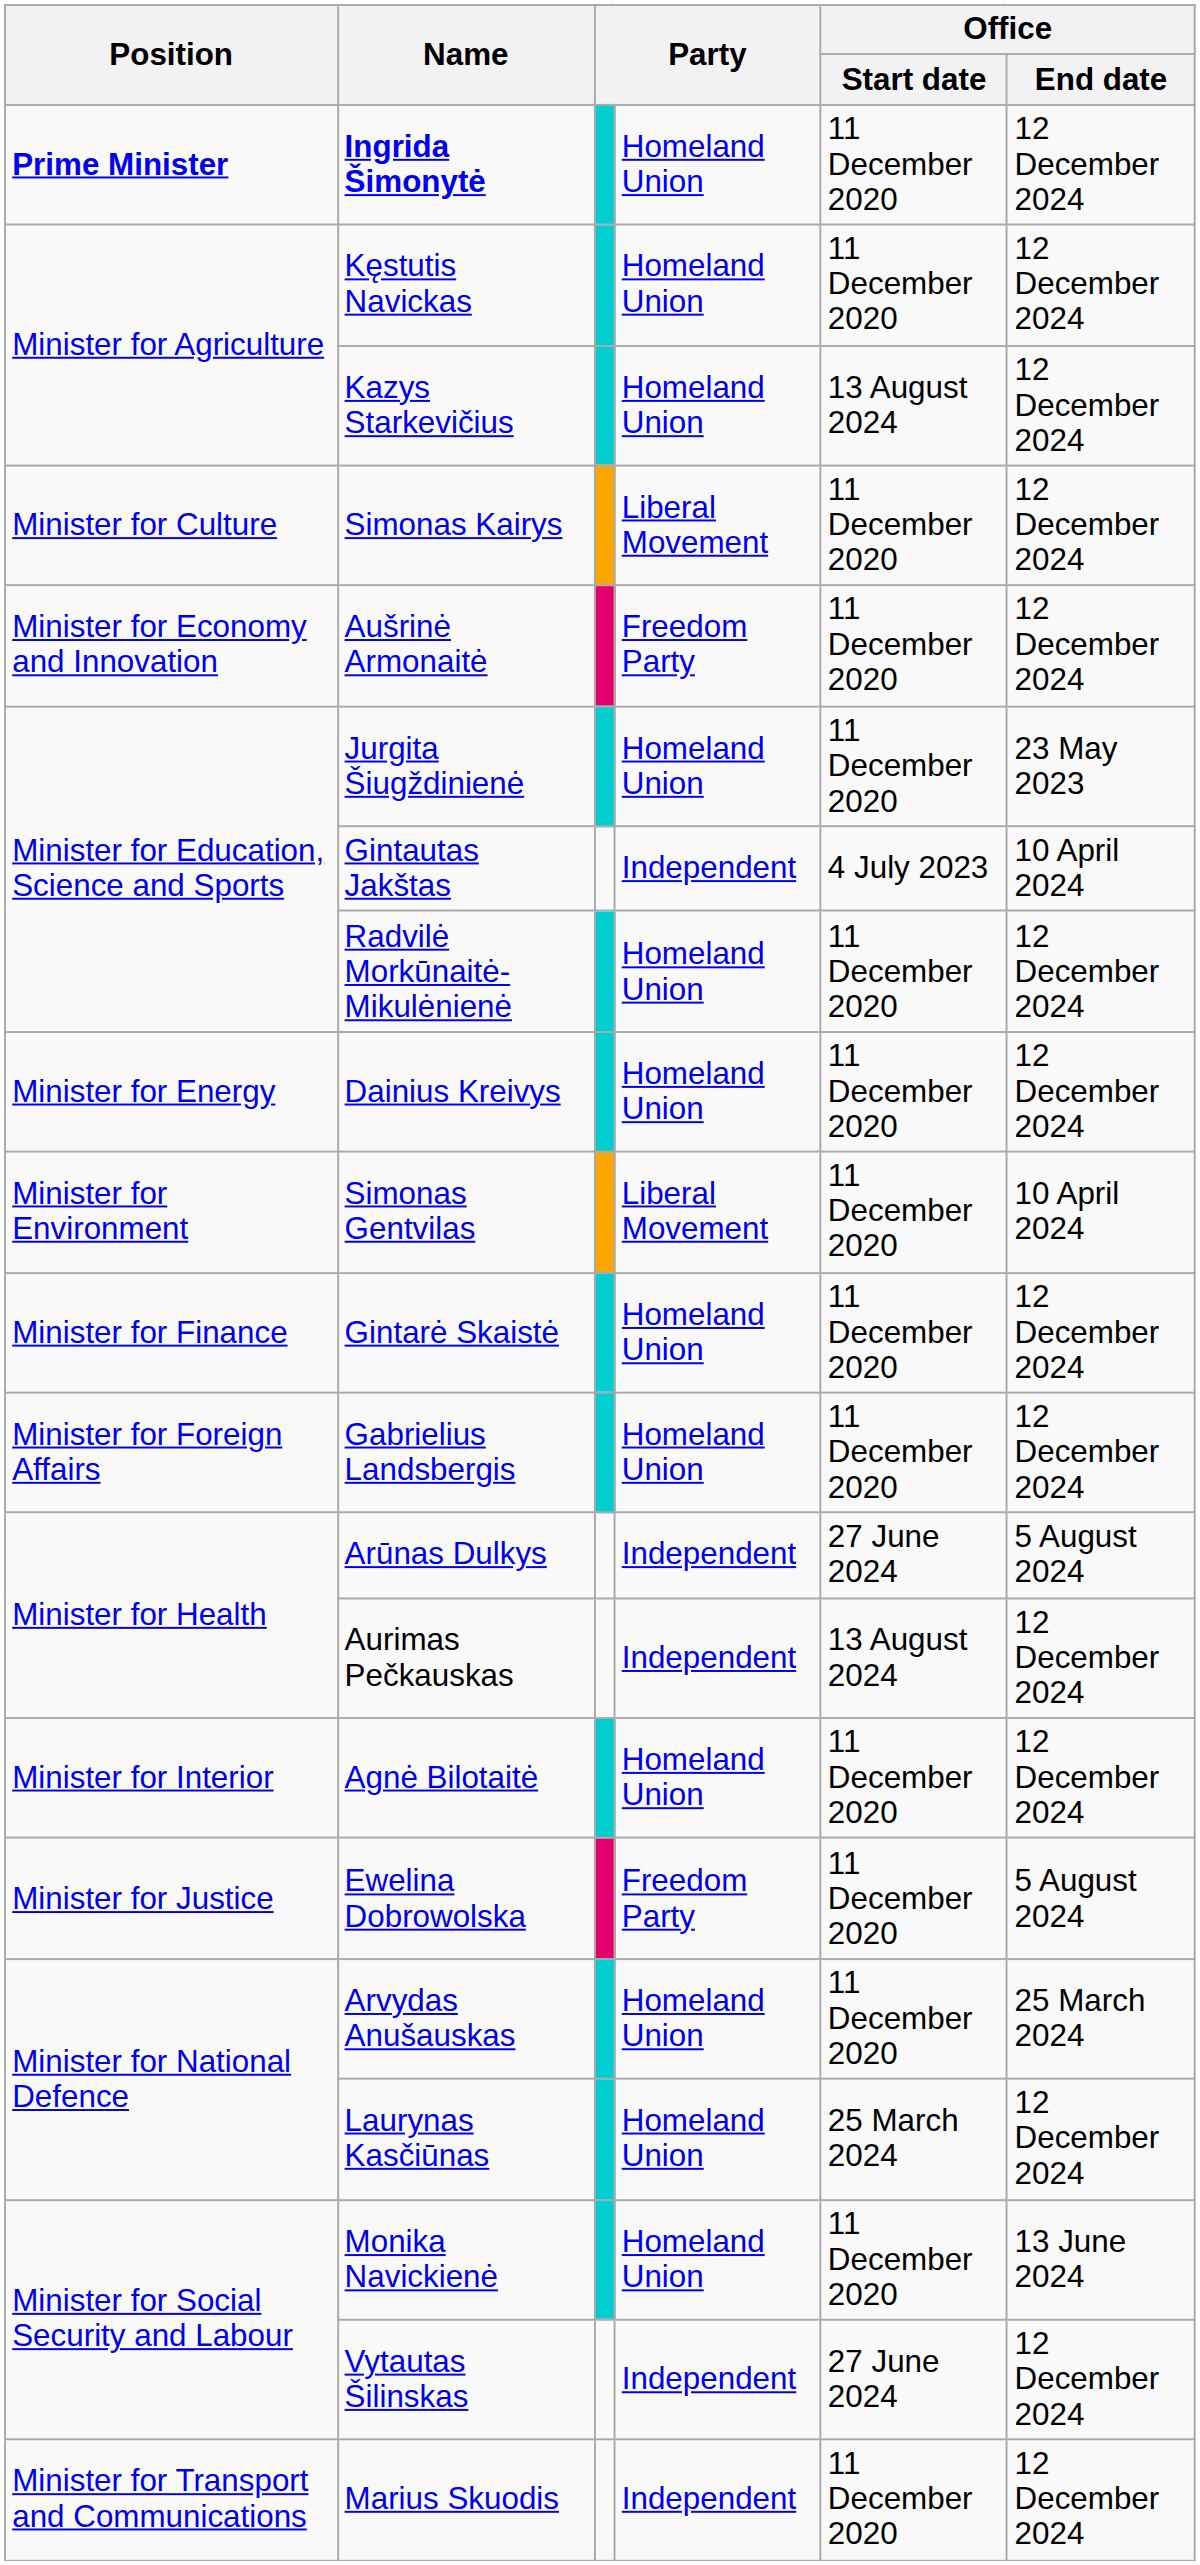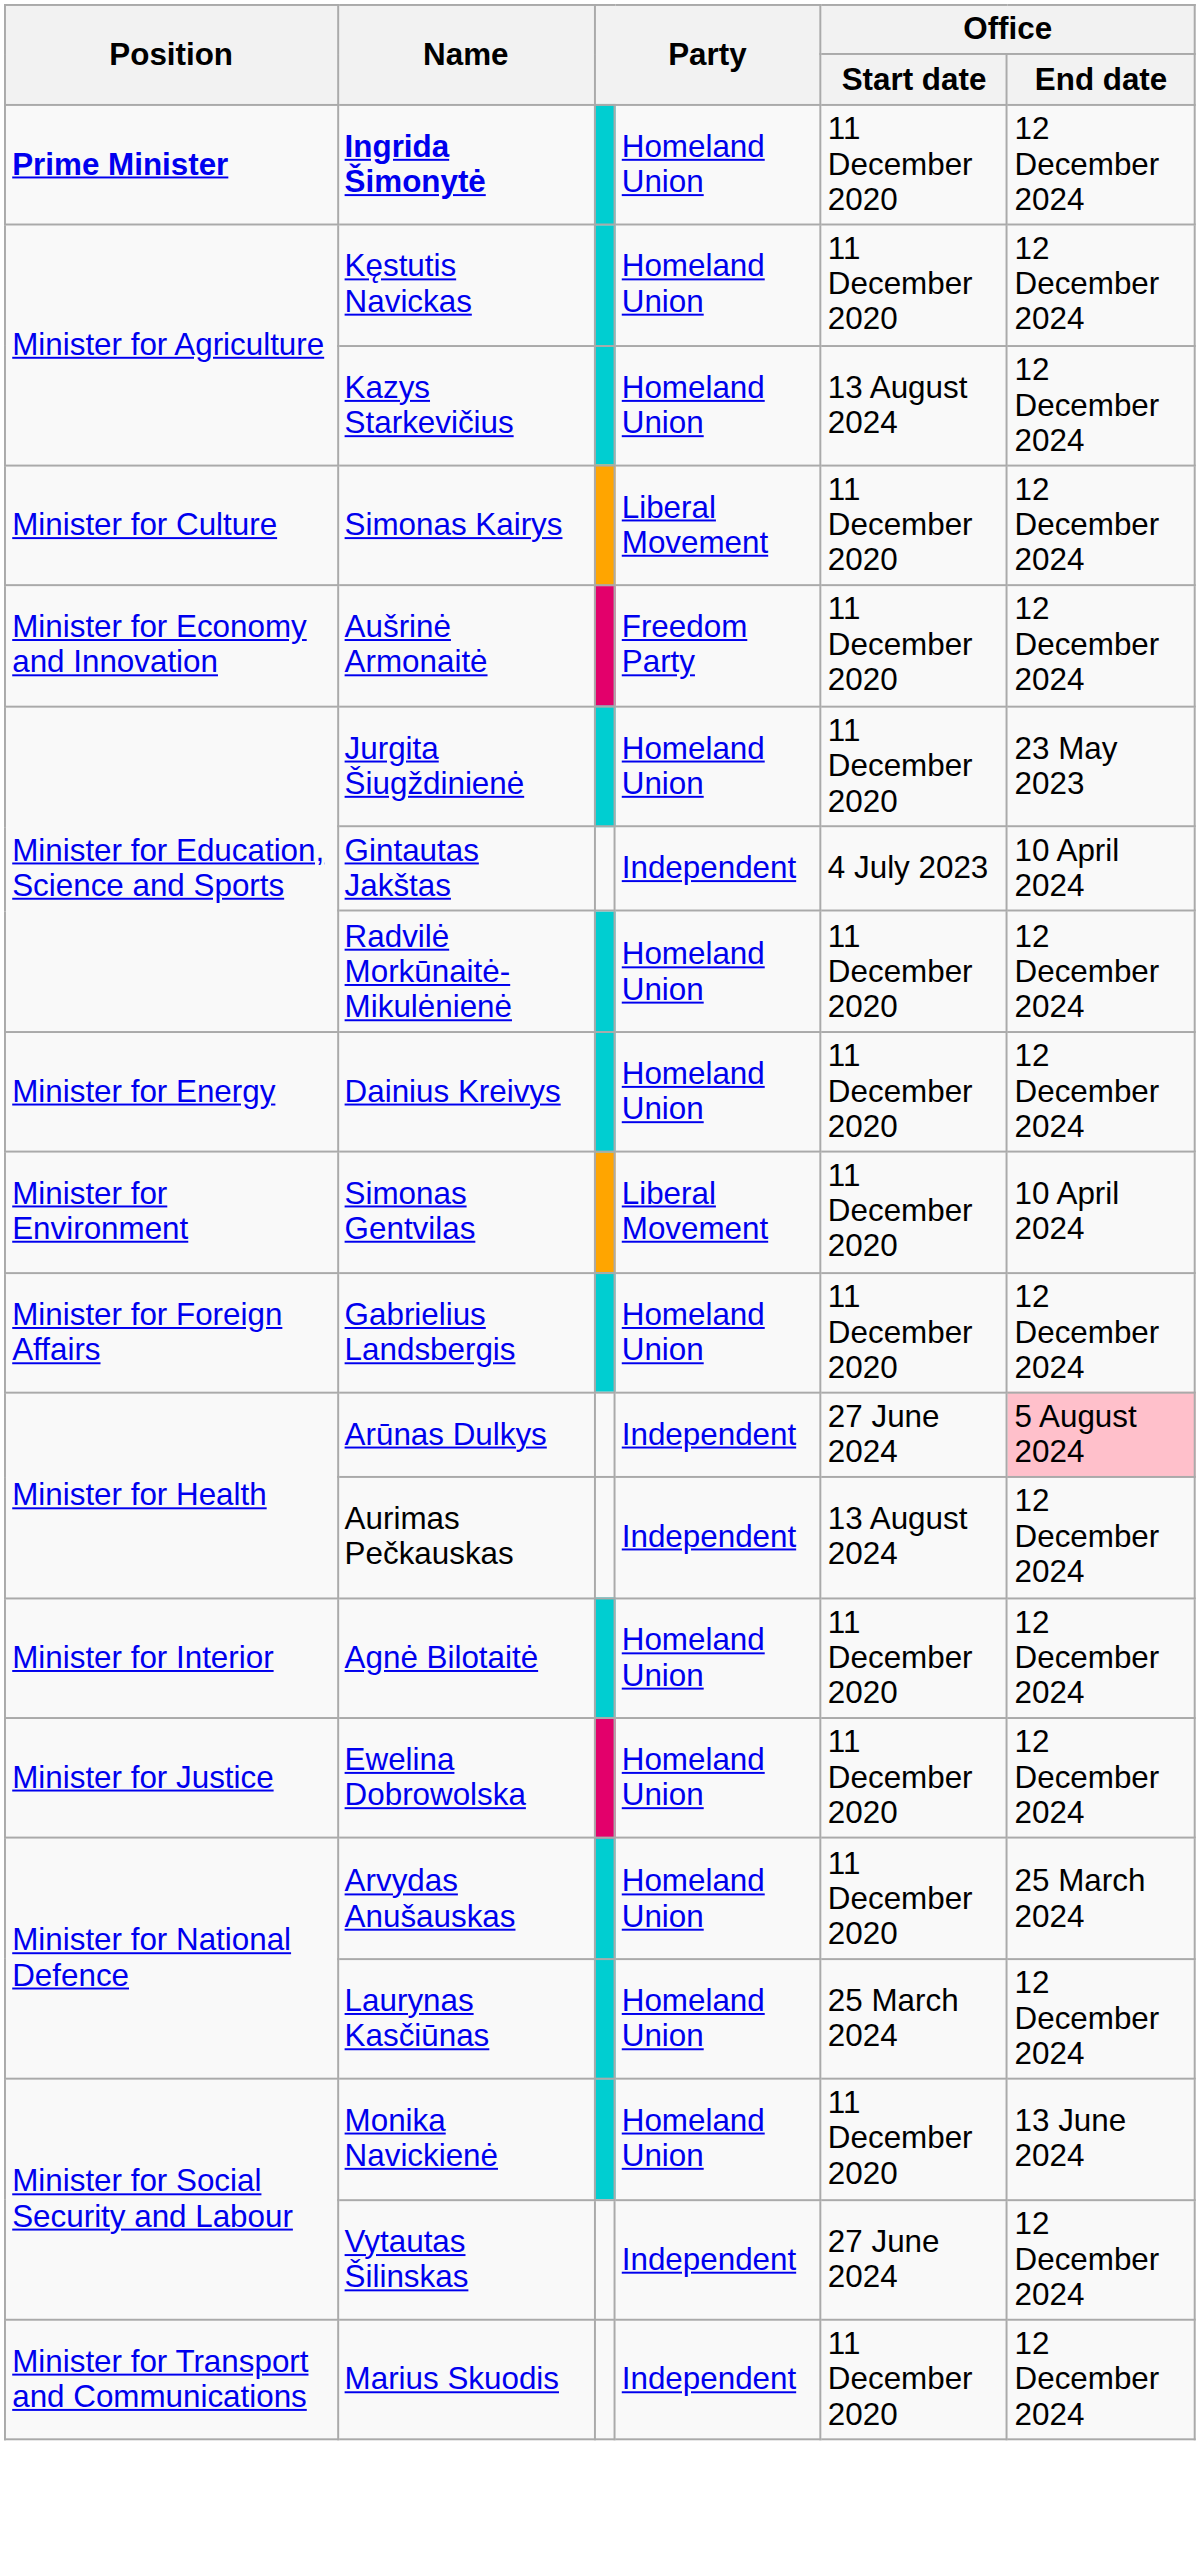 <table class="wikitable">
 <tr>
 <th rowspan=2>Position</th>
 <th rowspan=2>Name</th>
 <th rowspan=2 colspan=2>Party</th>
 <th colspan=2>Office</th>
 </tr>
 <tr>
 <th>Start date</th>
 <th>End date</th>
 </tr>
 <tr>
 <td><strong><a href='#'>Prime Minister</a></strong></td>
 <td><strong><a href='#'>Ingrida Šimonytė</a></strong></td>
 <td style="background-color:#00CED1" width="3px"></td>
 <td><a href='#'>Homeland Union</a></td>
 <td>11 December 2020</td>
 <td>12 December 2024</td>
 </tr>
 <tr>
 <td rowspan=2><a href='#'>Minister for Agriculture</a></td>
 <td><a href='#'>Kęstutis Navickas</a></td>
 <td style="background-color:#00CED1" width="3px"></td>
 <td><a href='#'>Homeland Union</a></td>
 <td>11 December 2020</td>
 <td>12 December 2024</td>
 </tr>
 <tr>
 <td><a href='#'>Kazys Starkevičius</a></td>
 <td style="background-color:#00CED1" width="3px"></td>
 <td><a href='#'>Homeland Union</a></td>
 <td>13 August 2024</td>
 <td>12 December 2024</td>
 </tr>
 <tr>
 <td><a href='#'>Minister for Culture</a></td>
 <td><a href='#'>Simonas Kairys</a></td>
 <td style="background-color:#FFA500" width="3px"></td>
 <td><a href='#'>Liberal Movement</a></td>
 <td>11 December 2020</td>
 <td>12 December 2024</td>
 </tr>
 <tr>
 <td><a href='#'>Minister for Economy and Innovation</a></td>
 <td><a href='#'>Aušrinė Armonaitė</a></td>
 <td style="background-color:#E3006B" width="3px"></td>
 <td><a href='#'>Freedom Party</a></td>
 <td>11 December 2020</td>
 <td>12 December 2024</td>
 </tr>
 <tr>
 <td rowspan=3><a href='#'>Minister for Education, Science and Sports</a></td>
 <td><a href='#'>Jurgita Šiugždinienė</a></td>
 <td style="background-color:#00CED1" width="3px"></td>
 <td><a href='#'>Homeland Union</a></td>
 <td>11 December 2020</td>
 <td>23 May 2023</td>
 </tr>
 <tr>
 <td><a href='#'>Gintautas Jakštas</a></td>
 <td style="background-color:"></td>
 <td><a href='#'>Independent</a></td>
 <td>4 July 2023</td>
 <td>10 April 2024</td>
 </tr>
 <tr>
 <td><a href='#'>Radvilė Morkūnaitė-Mikulėnienė</a></td>
 <td style="background-color:#00CED1" width="3px"></td>
 <td><a href='#'>Homeland Union</a></td>
 <td>11 December 2020</td>
 <td>12 December 2024</td>
 </tr>
 <tr>
 <td><a href='#'>Minister for Energy</a></td>
 <td><a href='#'>Dainius Kreivys</a></td>
 <td style="background-color:#00CED1" width="3px"></td>
 <td><a href='#'>Homeland Union</a></td>
 <td>11 December 2020</td>
 <td>12 December 2024</td>
 </tr>
 <tr>
 <td><a href='#'>Minister for Environment</a></td>
 <td><a href='#'>Simonas Gentvilas</a></td>
 <td style="background-color:#FFA500" width="3px"></td>
 <td><a href='#'>Liberal Movement</a></td>
 <td>11 December 2020</td>
 <td>10 April 2024</td>
 </tr>
 <tr>
-<td><a href='#'>Minister for Finance</a></td>
-<td><a href='#'>Gintarė Skaistė</a></td>
-<td style="background-color:#00CED1" width="3px"></td>
-<td><a href='#'>Homeland Union</a></td>
-<td>11 December 2020</td>
-<td>12 December 2024</td>
-</tr>
-<tr>
 <td><a href='#'>Minister for Foreign Affairs</a></td>
 <td><a href='#'>Gabrielius Landsbergis</a></td>
 <td style="background-color:#00CED1" width="3px"></td>
 <td><a href='#'>Homeland Union</a></td>
 <td>11 December 2020</td>
 <td>12 December 2024</td>
 </tr>
 <tr>
 <td rowspan=2><a href='#'>Minister for Health</a></td>
 <td><a href='#'>Arūnas Dulkys</a></td>
 <td style="background-color:"></td>
 <td><a href='#'>Independent</a></td>
 <td>27 June 2024</td>
-<td>5 August 2024</td>
+<td style="background: pink;">5 August 2024</td>
 </tr>
 <tr>
 <td>Aurimas Pečkauskas</td>
 <td style="background-color:"></td>
 <td><a href='#'>Independent</a></td>
 <td>13 August 2024</td>
 <td>12 December 2024</td>
 </tr>
 <tr>
 <td><a href='#'>Minister for Interior</a></td>
 <td><a href='#'>Agnė Bilotaitė</a></td>
 <td style="background-color:#00CED1" width="3px"></td>
 <td><a href='#'>Homeland Union</a></td>
 <td>11 December 2020</td>
 <td>12 December 2024</td>
 </tr>
 <tr>
 <td><a href='#'>Minister for Justice</a></td>
 <td><a href='#'>Ewelina Dobrowolska</a></td>
 <td style="background-color:#E3006B" width="3px"></td>
-<td><a href='#'>Freedom Party</a></td>
+<td><a href='#'>Homeland Union</a></td>
 <td>11 December 2020</td>
-<td>5 August 2024</td>
+<td>12 December 2024</td>
 </tr>
 <tr>
 <td rowspan=2><a href='#'>Minister for National Defence</a></td>
 <td><a href='#'>Arvydas Anušauskas</a></td>
 <td style="background-color:#00CED1" width="3px"></td>
 <td><a href='#'>Homeland Union</a></td>
 <td>11 December 2020</td>
 <td>25 March 2024</td>
 </tr>
 <tr>
 <td><a href='#'>Laurynas Kasčiūnas</a></td>
 <td style="background-color:#00CED1" width="3px"></td>
 <td><a href='#'>Homeland Union</a></td>
 <td>25 March 2024</td>
 <td>12 December 2024</td>
 </tr>
 <tr>
 <td rowspan=2><a href='#'>Minister for Social Security and Labour</a></td>
 <td><a href='#'>Monika Navickienė</a></td>
 <td style="background-color:#00CED1" width="3px"></td>
 <td><a href='#'>Homeland Union</a></td>
 <td>11 December 2020</td>
 <td>13 June 2024</td>
 </tr>
 <tr>
 <td><a href='#'>Vytautas Šilinskas</a></td>
 <td style="background-color:"></td>
 <td><a href='#'>Independent</a></td>
 <td>27 June 2024</td>
 <td>12 December 2024</td>
 </tr>
 <tr>
 <td><a href='#'>Minister for Transport and Communications</a></td>
 <td><a href='#'>Marius Skuodis</a></td>
 <td style="background-color:"></td>
 <td><a href='#'>Independent</a></td>
 <td>11 December 2020</td>
 <td>12 December 2024</td>
 </tr>
 </table>
